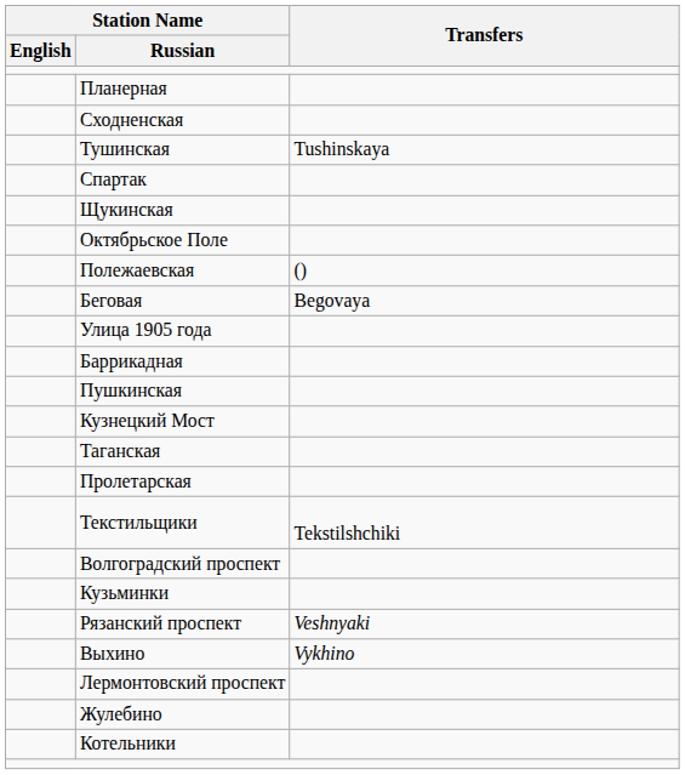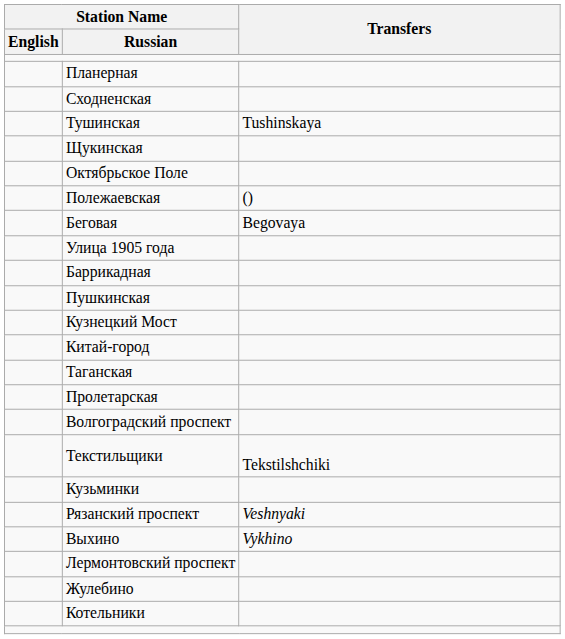 <table class="wikitable">
 <tr>
 <th colspan="2" style="min-width: 165px;">Station Name</th>
 <th rowspan="2" style="min-width: 320px;">Transfers</th>
 </tr>
 <tr>
 <th>English</th>
 <th>Russian</th>
 </tr>
 <tr style="background: #">
 <td colspan="3"></td>
 </tr>
 <tr>
 <td></td>
 <td>Планерная</td>
 <td></td>
 </tr>
 <tr>
 <td></td>
 <td>Сходненская</td>
 <td></td>
 </tr>
 <tr>
 <td></td>
 <td>Тушинская</td>
 <td> Tushinskaya</td>
-</tr>
-<tr>
-<td></td>
-<td>Спартак</td>
-<td></td>
 </tr>
 <tr>
 <td></td>
 <td>Щукинская</td>
 <td></td>
 </tr>
 <tr>
 <td></td>
 <td>Октябрьское Поле</td>
 <td></td>
 </tr>
 <tr>
 <td></td>
 <td>Полежаевская</td>
 <td>() <br></td>
 </tr>
 <tr>
 <td></td>
 <td>Беговая</td>
 <td>  Begovaya</td>
 </tr>
 <tr>
 <td></td>
 <td>Улица 1905 года</td>
 <td></td>
 </tr>
 <tr>
 <td></td>
 <td>Баррикадная</td>
 <td></td>
 </tr>
 <tr>
 <td></td>
 <td>Пушкинская</td>
 <td><br></td>
 </tr>
 <tr>
 <td></td>
 <td>Кузнецкий Мост</td>
 <td></td>
 </tr>
 <tr>
 <td></td>
+<td>Китай-город</td>
+<td></td>
+</tr>
+<tr>
+<td></td>
 <td>Таганская</td>
 <td><br></td>
 </tr>
 <tr>
 <td></td>
 <td>Пролетарская</td>
 <td></td>
 </tr>
 <tr>
 <td></td>
-<td>Текстильщики</td>
-<td><br>  Tekstilshchiki</td>
+<td>Волгоградский проспект</td>
+<td></td>
 </tr>
 <tr>
 <td></td>
-<td>Волгоградский проспект</td>
-<td></td>
+<td>Текстильщики</td>
+<td><br>  Tekstilshchiki</td>
 </tr>
 <tr>
 <td></td>
 <td>Кузьминки</td>
 <td></td>
 </tr>
 <tr>
 <td></td>
 <td>Рязанский проспект</td>
 <td> <em>Veshnyaki</em></td>
 </tr>
 <tr>
 <td></td>
 <td>Выхино</td>
 <td> <em>Vykhino</em></td>
 </tr>
 <tr>
 <td></td>
 <td>Лермонтовский проспект</td>
 <td><br><em></em></td>
 </tr>
 <tr>
 <td></td>
 <td>Жулебино</td>
 <td></td>
 </tr>
 <tr>
 <td></td>
 <td>Котельники</td>
 <td></td>
 </tr>
 <tr style="background: #">
 <td colspan="3"></td>
 </tr>
 </table>
